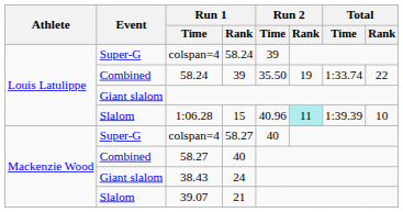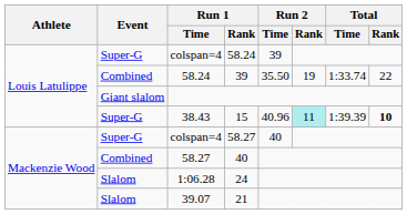 <table class="wikitable" style="font-size:90%">
 <tr>
 <th rowspan=2>Athlete</th>
 <th rowspan=2>Event</th>
 <th colspan=2>Run 1</th>
 <th colspan=2>Run 2</th>
 <th colspan=2>Total</th>
 </tr>
 <tr style="font-size:95%">
 <th>Time</th>
 <th>Rank</th>
 <th>Time</th>
 <th>Rank</th>
 <th>Time</th>
 <th>Rank</th>
 </tr>
 <tr align=center>
 <td align="left" rowspan="4"><a href='#'>Louis Latulippe</a></td>
 <td align="left"><a href='#'>Super-G</a></td>
 <td>colspan=4</td>
 <td>58.24</td>
 <td>39</td>
 </tr>
 <tr align=center>
 <td align="left"><a href='#'>Combined</a></td>
 <td>58.24</td>
 <td>39</td>
 <td>35.50</td>
 <td>19</td>
 <td>1:33.74</td>
 <td>22</td>
 </tr>
 <tr align=center>
 <td align="left"><a href='#'>Giant slalom</a></td>
 <td colspan=6></td>
 </tr>
 <tr align=center>
-<td align="left"><a href='#'>Slalom</a></td>
-<td>1:06.28</td>
+<td align="left"><a href='#'>Super-G</a></td>
+<td>38.43</td>
 <td>15</td>
 <td>40.96</td>
 <td style="background: paleturquoise;">11</td>
 <td>1:39.39</td>
-<td>10</td>
+<td><strong>10</strong></td>
 </tr>
 <tr align=center>
 <td align="left" rowspan="4"><a href='#'>Mackenzie Wood</a></td>
 <td align="left"><a href='#'>Super-G</a></td>
 <td>colspan=4</td>
 <td>58.27</td>
 <td>40</td>
 </tr>
 <tr align=center>
 <td align="left"><a href='#'>Combined</a></td>
 <td>58.27</td>
 <td>40</td>
 <td colspan=4></td>
 </tr>
 <tr align=center>
-<td align="left"><a href='#'>Giant slalom</a></td>
-<td>38.43</td>
+<td align="left"><a href='#'>Slalom</a></td>
+<td>1:06.28</td>
 <td>24</td>
 <td colspan=4></td>
 </tr>
 <tr align=center>
 <td align="left"><a href='#'>Slalom</a></td>
 <td>39.07</td>
 <td>21</td>
 <td colspan=4></td>
 </tr>
 </table>
